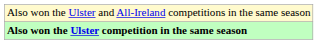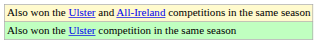 <table class="wikitable">
 <tr>
 <td style="background-color:#FFFACD">Also won the <a href='#'>Ulster</a> and <a href='#'>All-Ireland</a> competitions in the same season</td>
 </tr>
 <tr>
-<td style="background-color:#C0FFC0"><strong>Also won the <a href='#'>Ulster</a> competition in the same season</strong></td>
+<td style="background-color:#C0FFC0">Also won the <a href='#'>Ulster</a> competition in the same season</td>
 </tr>
 </table>
